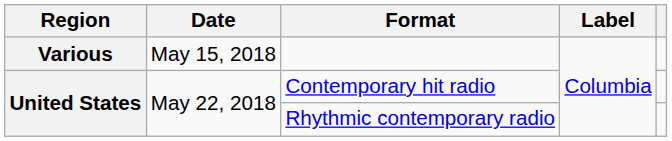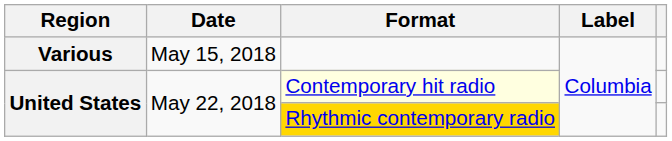 <table class="wikitable plainrowheaders">
 <tr>
 <th scope="col">Region</th>
 <th scope="col">Date</th>
 <th scope="col">Format</th>
 <th scope="col">Label</th>
 <th scope="col"></th>
 </tr>
 <tr>
 <th scope="row">Various</th>
 <td>May 15, 2018</td>
 <td></td>
 <td rowspan="3"><a href='#'>Columbia</a></td>
 <td></td>
 </tr>
 <tr>
 <th scope="row" rowspan="2">United States</th>
 <td rowspan="2">May 22, 2018</td>
-<td><a href='#'>Contemporary hit radio</a></td>
+<td style="background: lightyellow;"><a href='#'>Contemporary hit radio</a></td>
 <td></td>
 </tr>
 <tr>
-<td><a href='#'>Rhythmic contemporary radio</a></td>
+<td style="background: gold;"><a href='#'>Rhythmic contemporary radio</a></td>
 <td></td>
 </tr>
 </table>
